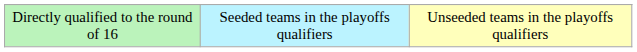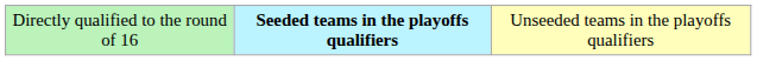 <table class="wikitable" style="font-size:90%; text-align:center;">
 <tr>
 </tr>
 <tr>
 <td style="background:#BBF3BB;">Directly qualified to the round of 16</td>
-<td style="background:#BBF3FF;">Seeded teams in the playoffs qualifiers</td>
+<td style="background:#BBF3FF;"><strong>Seeded teams in the playoffs qualifiers</strong></td>
 <td style="background:#FFFFBB;">Unseeded teams in the playoffs qualifiers</td>
 </tr>
 </table>
